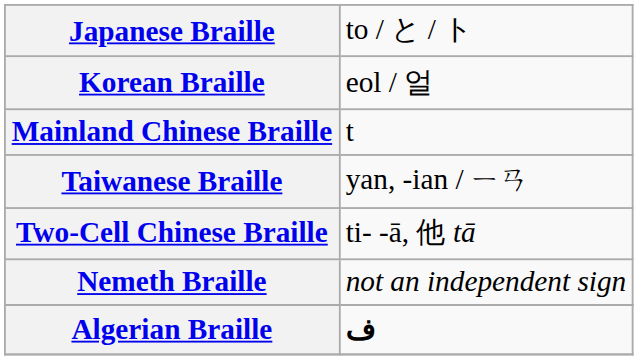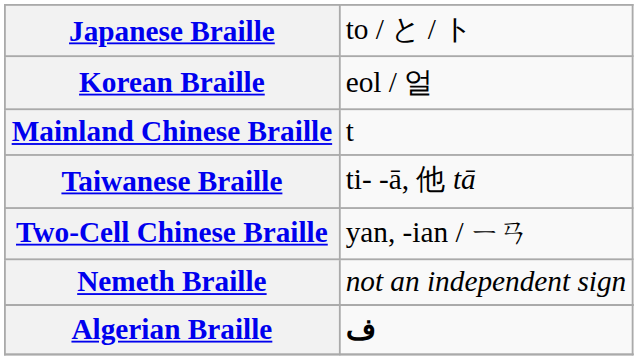 <table class="wikitable">
 <tr>
 <th align=left><a href='#'>Japanese Braille</a></th>
 <td>to / と / ト </td>
 </tr>
 <tr>
 <th align=left><a href='#'>Korean Braille</a></th>
 <td>eol / 얼 </td>
 </tr>
 <tr>
 <th align=left><a href='#'>Mainland Chinese Braille</a></th>
 <td>t </td>
 </tr>
 <tr>
 <th align=left><a href='#'>Taiwanese Braille</a></th>
-<td>yan, -ian / ㄧㄢ</td>
+<td>ti- -ā, 他 <em>tā</em></td>
 </tr>
 <tr>
 <th align=left><a href='#'>Two-Cell Chinese Braille</a></th>
-<td>ti- -ā, 他 <em>tā</em></td>
+<td>yan, -ian / ㄧㄢ</td>
 </tr>
 <tr>
 <th align=left><a href='#'>Nemeth Braille</a></th>
 <td><em>not an independent sign</em> </td>
 </tr>
 <tr>
 </tr>
 <tr>
 <th align=left><a href='#'>Algerian Braille</a></th>
 <td><strong>ف ‎</strong></td>
 </tr>
 <tr>
 </tr>
 </table>
